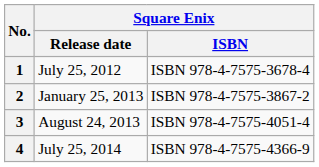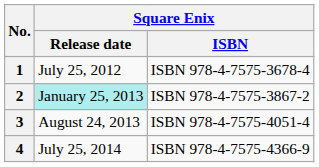 <table class="wikitable" style="font-size:small">
 <tr>
 <th rowspan="2">No.</th>
 <th colspan="2"> <a href='#'>Square Enix</a></th>
 </tr>
 <tr>
 <th>Release date</th>
 <th><a href='#'>ISBN</a></th>
 </tr>
 <tr>
 <th>1</th>
 <td>July 25, 2012</td>
 <td>ISBN 978-4-7575-3678-4</td>
 </tr>
 <tr>
 <th>2</th>
-<td>January 25, 2013</td>
+<td style="background: paleturquoise;">January 25, 2013</td>
 <td>ISBN 978-4-7575-3867-2</td>
 </tr>
 <tr>
 <th>3</th>
 <td>August 24, 2013</td>
 <td>ISBN 978-4-7575-4051-4</td>
 </tr>
 <tr>
 <th>4</th>
 <td>July 25, 2014</td>
 <td>ISBN 978-4-7575-4366-9</td>
 </tr>
 </table>
